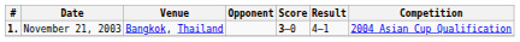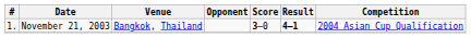 <table class="wikitable">
 <tr>
 <th>#</th>
 <th>Date</th>
 <th>Venue</th>
 <th>Opponent</th>
 <th>Score</th>
 <th>Result</th>
 <th>Competition</th>
 </tr>
 <tr>
-<td><strong>1.</strong></td>
+<td>1.</td>
 <td>November 21, 2003</td>
 <td><a href='#'>Bangkok</a>, <a href='#'>Thailand</a></td>
 <td></td>
 <td><strong>3</strong>–0</td>
-<td>4–1</td>
+<td><strong>4–1</strong></td>
 <td><a href='#'>2004 Asian Cup Qualification</a></td>
 </tr>
 <tr>
 </tr>
 </table>
